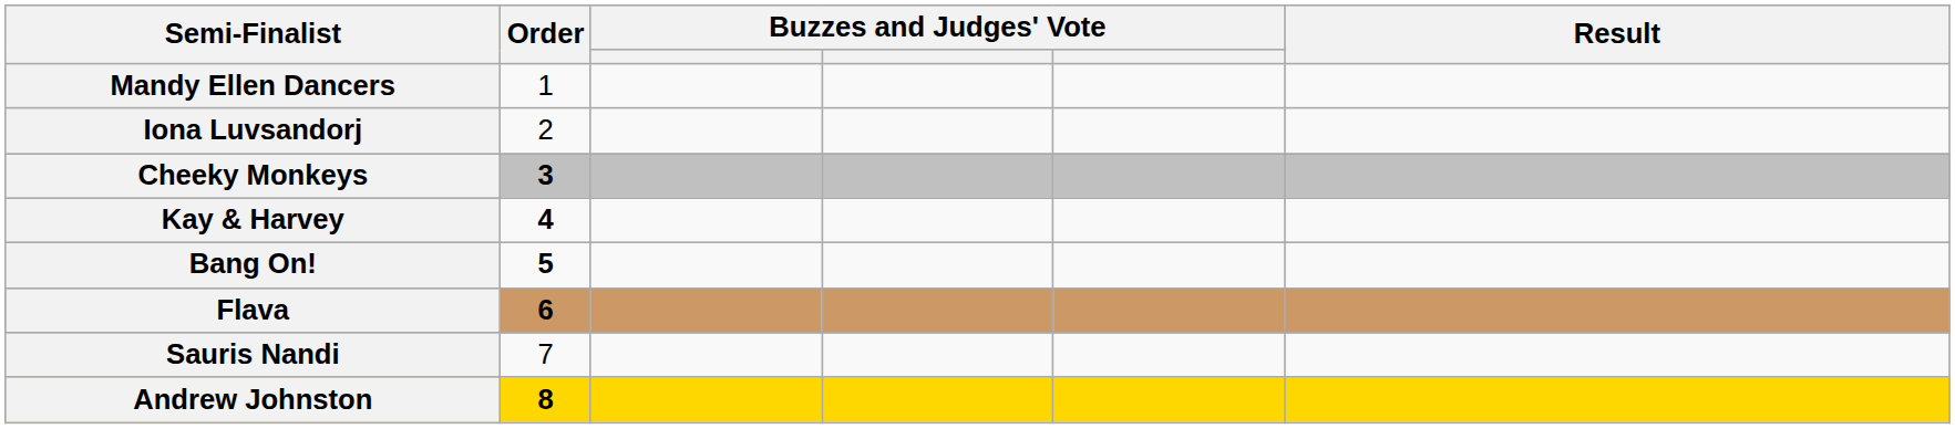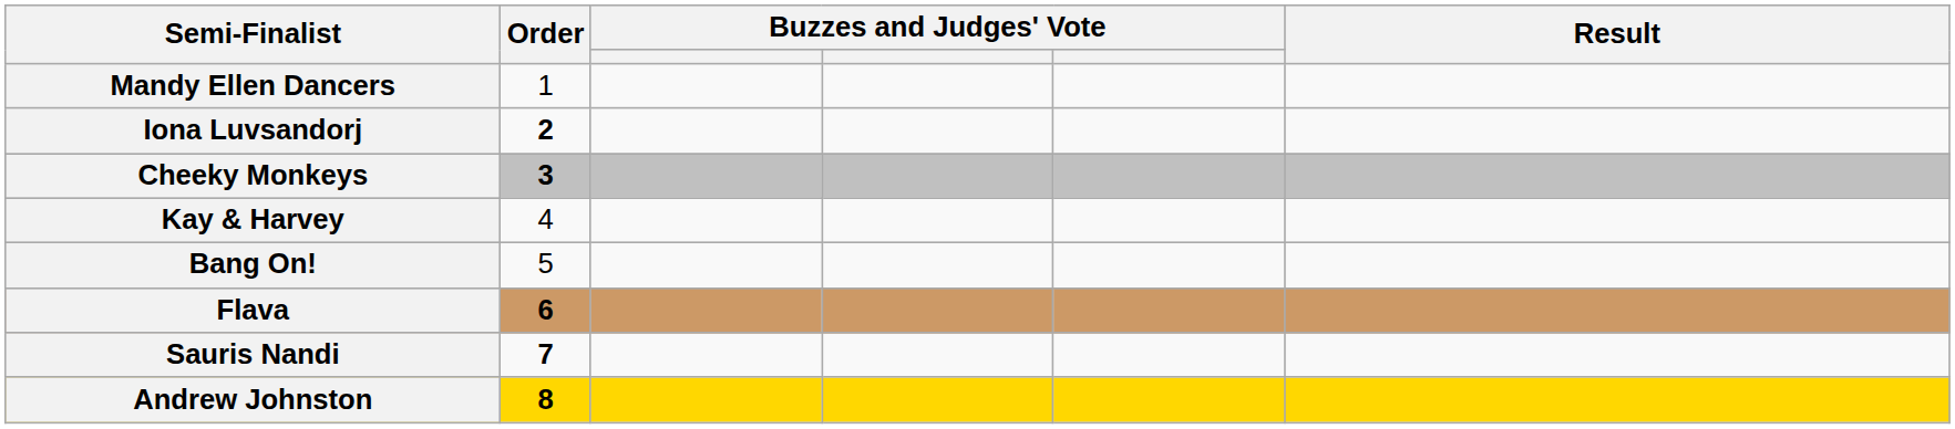 <table class="wikitable plainrowheaders sortable" style="text-align:center;">
 <tr>
 <th scope="col" rowspan="2" class="unsortable" style="width:17em;">Semi-Finalist</th>
 <th scope="col" rowspan="2" style="width:1em;">Order</th>
 <th scope="col" colspan="3" class="unsortable" style="width:24em;">Buzzes and Judges' Vote</th>
 <th scope="col" rowspan="2" style="width:23em;">Result</th>
 </tr>
 <tr>
 <th scope="col" class="unsortable" style="width:6em;"></th>
 <th scope="col" class="unsortable" style="width:6em;"></th>
 <th scope="col" class="unsortable" style="width:6em;"></th>
 </tr>
 <tr>
 <th scope="row">Mandy Ellen Dancers</th>
 <td>1</td>
 <td style="text-align:center;"></td>
 <td style="text-align:center;"></td>
 <td style="text-align:center;"></td>
 <td></td>
 </tr>
 <tr>
 <th scope="row">Iona Luvsandorj</th>
-<td>2</td>
+<td><strong>2</strong></td>
 <td style="text-align:center;"></td>
 <td style="text-align:center;"></td>
 <td style="text-align:center;"></td>
 <td></td>
 </tr>
 <tr bgcolor=silver>
 <th scope="row"><strong>Cheeky Monkeys</strong></th>
 <td><strong>3</strong></td>
 <td style="text-align:center;"></td>
 <td style="text-align:center;"></td>
 <td style="text-align:center;"></td>
 <td><strong></strong></td>
 </tr>
 <tr>
 <th scope="row">Kay & Harvey</th>
-<td><strong>4</strong></td>
+<td>4</td>
 <td style="text-align:center;"></td>
 <td style="text-align:center;"></td>
 <td style="text-align:center;"></td>
 <td></td>
 </tr>
 <tr>
 <th scope="row">Bang On!</th>
-<td><strong>5</strong></td>
+<td>5</td>
 <td style="text-align:center;"></td>
 <td style="text-align:center;"></td>
 <td style="text-align:center;"></td>
 <td></td>
 </tr>
 <tr bgcolor=#c96>
 <th scope="row"><strong>Flava</strong></th>
 <td><strong>6</strong></td>
 <td style="text-align:center;"></td>
 <td style="text-align:center;"></td>
 <td style="text-align:center;"></td>
 <td><strong></strong></td>
 </tr>
 <tr>
 <th scope="row">Sauris Nandi</th>
-<td>7</td>
+<td><strong>7</strong></td>
 <td style="text-align:center;"></td>
 <td style="text-align:center;"></td>
 <td style="text-align:center;"></td>
 <td></td>
 </tr>
 <tr bgcolor=gold>
 <th scope="row"><strong>Andrew Johnston</strong></th>
 <td><strong>8</strong></td>
 <td style="text-align:center;"></td>
 <td style="text-align:center;"></td>
 <td style="text-align:center;"></td>
 <td><strong></strong></td>
 </tr>
 </table>
